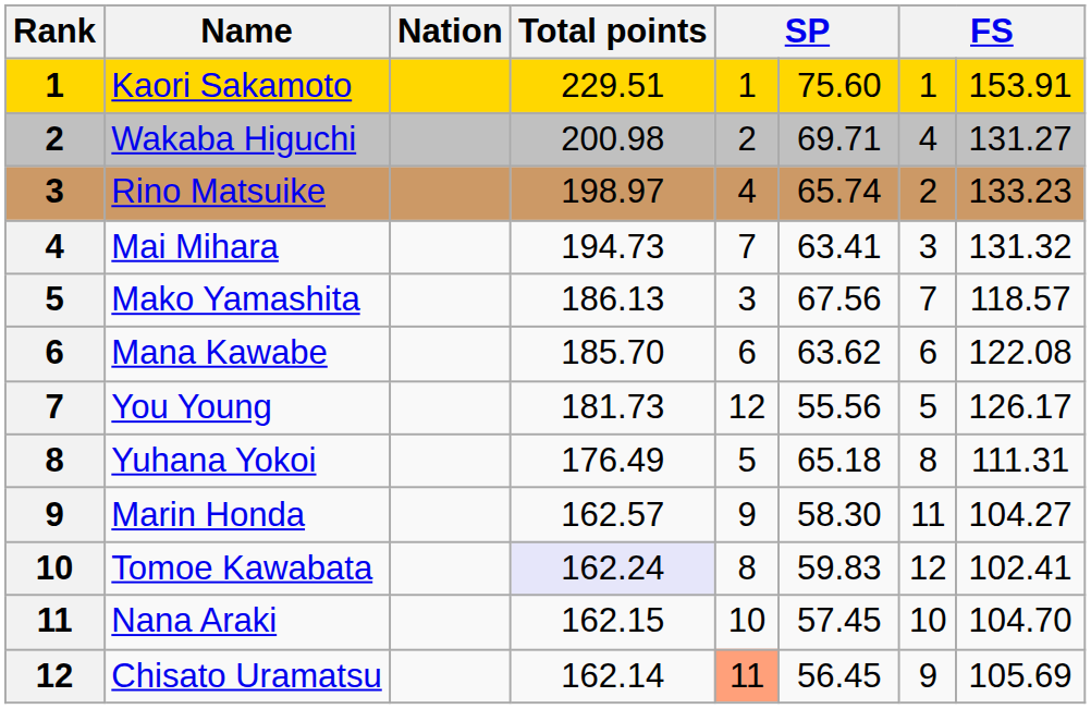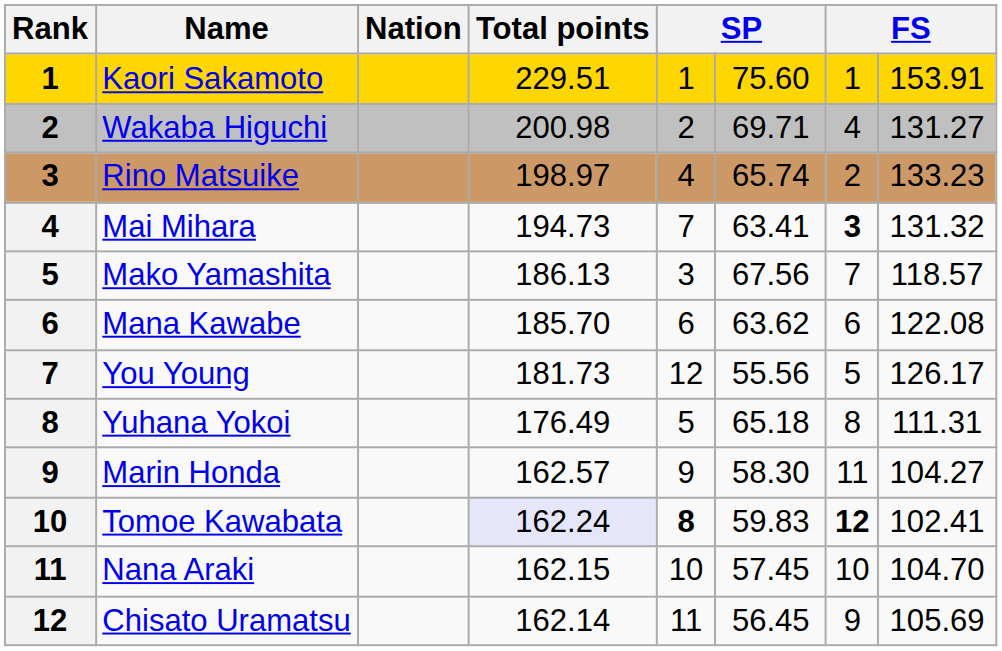 <table class="wikitable sortable">
 <tr>
 <th>Rank</th>
 <th>Name</th>
 <th>Nation</th>
 <th>Total points</th>
 <th colspan="2" width="80px"><a href='#'>SP</a></th>
 <th colspan="2" width="80px"><a href='#'>FS</a></th>
 </tr>
 <tr bgcolor="gold">
 <td align="center"><strong>1</strong></td>
 <td><a href='#'>Kaori Sakamoto</a></td>
 <td></td>
 <td align="center">229.51</td>
 <td align="center">1</td>
 <td align="center">75.60</td>
 <td align="center">1</td>
 <td align="center">153.91</td>
 </tr>
 <tr bgcolor="silver">
 <td align="center"><strong>2</strong></td>
 <td><a href='#'>Wakaba Higuchi</a></td>
 <td></td>
 <td align="center">200.98</td>
 <td align="center">2</td>
 <td align="center">69.71</td>
 <td align="center">4</td>
 <td align="center">131.27</td>
 </tr>
 <tr bgcolor="cc9966">
 <td align="center"><strong>3</strong></td>
 <td><a href='#'>Rino Matsuike</a></td>
 <td></td>
 <td align="center">198.97</td>
 <td align="center">4</td>
 <td align="center">65.74</td>
 <td align="center">2</td>
 <td align="center">133.23</td>
 </tr>
 <tr>
 <th>4</th>
 <td><a href='#'>Mai Mihara</a></td>
 <td></td>
 <td align="center">194.73</td>
 <td align="center">7</td>
 <td align="center">63.41</td>
-<td align="center">3</td>
+<td align="center"><strong>3</strong></td>
 <td align="center">131.32</td>
 </tr>
 <tr>
 <th>5</th>
 <td><a href='#'>Mako Yamashita</a></td>
 <td></td>
 <td align="center">186.13</td>
 <td align="center">3</td>
 <td align="center">67.56</td>
 <td align="center">7</td>
 <td align="center">118.57</td>
 </tr>
 <tr>
 <th>6</th>
 <td><a href='#'>Mana Kawabe</a></td>
 <td></td>
 <td align="center">185.70</td>
 <td align="center">6</td>
 <td align="center">63.62</td>
 <td align="center">6</td>
 <td align="center">122.08</td>
 </tr>
 <tr>
 <th>7</th>
 <td><a href='#'>You Young</a></td>
 <td></td>
 <td align="center">181.73</td>
 <td align="center">12</td>
 <td align="center">55.56</td>
 <td align="center">5</td>
 <td align="center">126.17</td>
 </tr>
 <tr>
 <th>8</th>
 <td><a href='#'>Yuhana Yokoi</a></td>
 <td></td>
 <td align="center">176.49</td>
 <td align="center">5</td>
 <td align="center">65.18</td>
 <td align="center">8</td>
 <td align="center">111.31</td>
 </tr>
 <tr>
 <th>9</th>
 <td><a href='#'>Marin Honda</a></td>
 <td></td>
 <td align="center">162.57</td>
 <td align="center">9</td>
 <td align="center">58.30</td>
 <td align="center">11</td>
 <td align="center">104.27</td>
 </tr>
 <tr>
 <th>10</th>
 <td><a href='#'>Tomoe Kawabata</a></td>
 <td></td>
 <td align="center" style="background: lavender;">162.24</td>
-<td align="center">8</td>
+<td align="center"><strong>8</strong></td>
 <td align="center">59.83</td>
-<td align="center">12</td>
+<td align="center"><strong>12</strong></td>
 <td align="center">102.41</td>
 </tr>
 <tr>
 <th>11</th>
 <td><a href='#'>Nana Araki</a></td>
 <td></td>
 <td align="center">162.15</td>
 <td align="center">10</td>
 <td align="center">57.45</td>
 <td align="center">10</td>
 <td align="center">104.70</td>
 </tr>
 <tr>
 <th>12</th>
 <td><a href='#'>Chisato Uramatsu</a></td>
 <td></td>
 <td align="center">162.14</td>
-<td align="center" style="background: lightsalmon;">11</td>
+<td align="center">11</td>
 <td align="center">56.45</td>
 <td align="center">9</td>
 <td align="center">105.69</td>
 </tr>
 </table>
